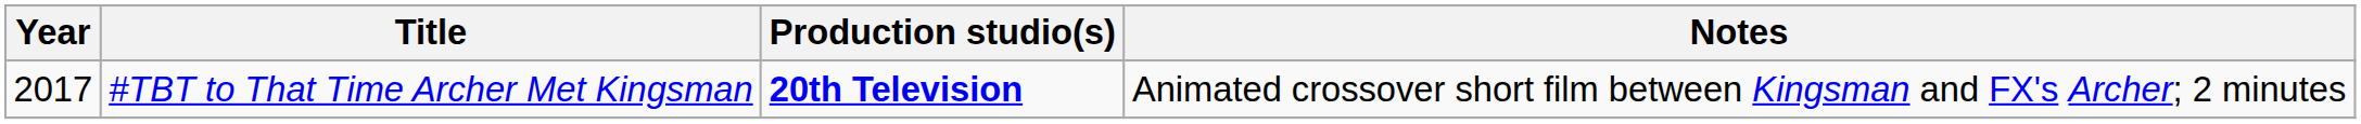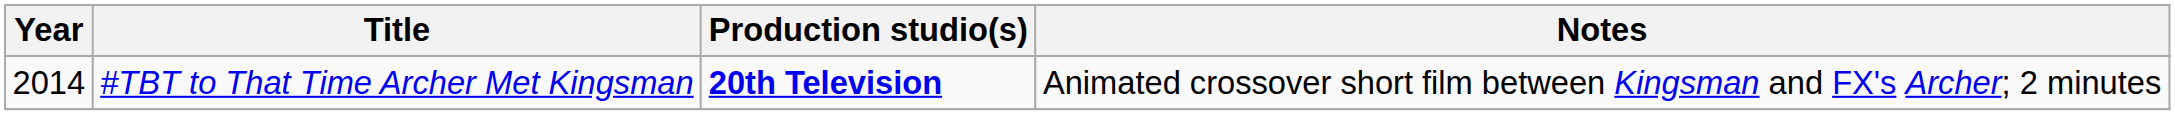 <table class="wikitable">
 <tr>
 <th>Year</th>
 <th>Title</th>
 <th>Production studio(s)</th>
 <th>Notes</th>
 </tr>
 <tr>
-<td>2017</td>
+<td>2014</td>
 <td><em><a href='#'>#TBT to That Time Archer Met Kingsman</a></em></td>
 <td><strong><a href='#'>20th Television</a></strong></td>
 <td>Animated crossover short film between <em><a href='#'>Kingsman</a></em> and <a href='#'>FX's</a> <em><a href='#'>Archer</a></em>; 2 minutes</td>
 </tr>
 <tr>
 </tr>
 </table>
